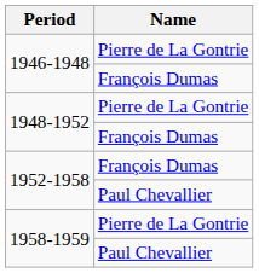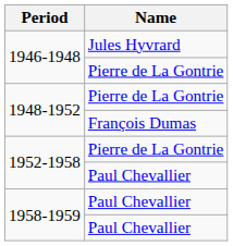 <table class="wikitable sortable">
 <tr>
 <th>Period</th>
 <th>Name</th>
 </tr>
 <tr>
 <td rowspan=2>1946-1948</td>
-<td><a href='#'>Pierre de La Gontrie</a></td>
+<td><a href='#'>Jules Hyvrard</a></td>
 </tr>
 <tr>
-<td><a href='#'>François Dumas</a></td>
+<td><a href='#'>Pierre de La Gontrie</a></td>
 </tr>
 <tr>
 <td rowspan=2>1948-1952</td>
 <td><a href='#'>Pierre de La Gontrie</a></td>
 </tr>
 <tr>
 <td><a href='#'>François Dumas</a></td>
 </tr>
 <tr>
 <td rowspan=2>1952-1958</td>
-<td><a href='#'>François Dumas</a></td>
+<td><a href='#'>Pierre de La Gontrie</a></td>
 </tr>
 <tr>
 <td><a href='#'>Paul Chevallier</a></td>
 </tr>
 <tr>
 <td rowspan=2>1958-1959</td>
-<td><a href='#'>Pierre de La Gontrie</a></td>
+<td><a href='#'>Paul Chevallier</a></td>
 </tr>
 <tr>
 <td><a href='#'>Paul Chevallier</a></td>
 </tr>
 </table>
